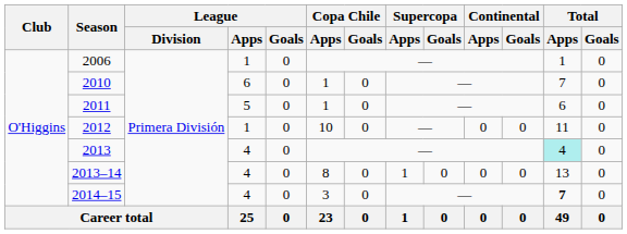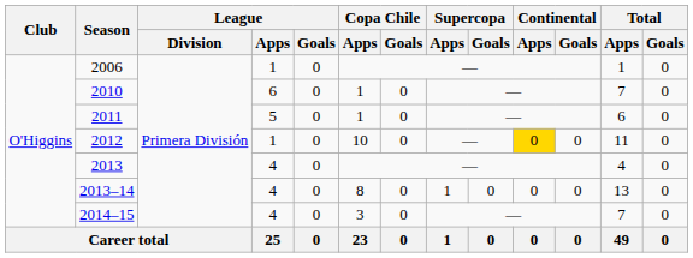 <table class="wikitable" style="text-align: center;">
 <tr>
 <th rowspan="2">Club</th>
 <th rowspan="2">Season</th>
 <th colspan="3">League</th>
 <th colspan="2">Copa Chile</th>
 <th colspan="2">Supercopa</th>
 <th colspan="2">Continental</th>
 <th colspan="2">Total</th>
 </tr>
 <tr>
 <th>Division</th>
 <th>Apps</th>
 <th>Goals</th>
 <th>Apps</th>
 <th>Goals</th>
 <th>Apps</th>
 <th>Goals</th>
 <th>Apps</th>
 <th>Goals</th>
 <th>Apps</th>
 <th>Goals</th>
 </tr>
 <tr>
 <td rowspan="7"><a href='#'>O'Higgins</a></td>
 <td>2006</td>
 <td rowspan="7"><a href='#'>Primera División</a></td>
 <td>1</td>
 <td>0</td>
 <td colspan="6">—</td>
 <td>1</td>
 <td>0</td>
 </tr>
 <tr>
 <td><a href='#'>2010</a></td>
 <td>6</td>
 <td>0</td>
 <td>1</td>
 <td>0</td>
 <td colspan="4">—</td>
 <td>7</td>
 <td>0</td>
 </tr>
 <tr>
 <td><a href='#'>2011</a></td>
 <td>5</td>
 <td>0</td>
 <td>1</td>
 <td>0</td>
 <td colspan="4">—</td>
 <td>6</td>
 <td>0</td>
 </tr>
 <tr>
 <td><a href='#'>2012</a></td>
 <td>1</td>
 <td>0</td>
 <td>10</td>
 <td>0</td>
 <td colspan="2">—</td>
-<td>0</td>
+<td style="background: gold;">0</td>
 <td>0</td>
 <td>11</td>
 <td>0</td>
 </tr>
 <tr>
 <td><a href='#'>2013</a></td>
 <td>4</td>
 <td>0</td>
 <td colspan="6">—</td>
-<td style="background: paleturquoise;">4</td>
+<td>4</td>
 <td>0</td>
 </tr>
 <tr>
 <td><a href='#'>2013–14</a></td>
 <td>4</td>
 <td>0</td>
 <td>8</td>
 <td>0</td>
 <td>1</td>
 <td>0</td>
 <td>0</td>
 <td>0</td>
 <td>13</td>
 <td>0</td>
 </tr>
 <tr>
 <td><a href='#'>2014–15</a></td>
 <td>4</td>
 <td>0</td>
 <td>3</td>
 <td>0</td>
 <td colspan="4">—</td>
-<td><strong>7</strong></td>
+<td>7</td>
 <td>0</td>
 </tr>
 <tr>
 <th colspan="3">Career total</th>
 <th>25</th>
 <th>0</th>
 <th>23</th>
 <th>0</th>
 <th>1</th>
 <th>0</th>
 <th>0</th>
 <th>0</th>
 <th>49</th>
 <th>0</th>
 </tr>
 </table>
